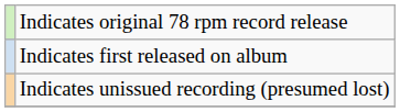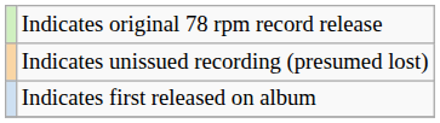 <table class="wikitable" style="font-size:90%;">
 <tr>
 <th scope="row" style="background-color:#D0F0C0"><sup></sup></th>
 <td>Indicates original 78 rpm record release</td>
 </tr>
 <tr>
+<th scope="row" style="background-color:#FAD6A5"><sup></sup></th>
+<td>Indicates unissued recording (presumed lost)</td>
+</tr>
+<tr>
 <th scope="row" style="background-color:#CEE0F2"><sup></sup></th>
 <td>Indicates first released on album</td>
 </tr>
 <tr>
-<th scope="row" style="background-color:#FAD6A5"><sup></sup></th>
-<td>Indicates unissued recording (presumed lost)</td>
-</tr>
-<tr>
 </tr>
 </table>
